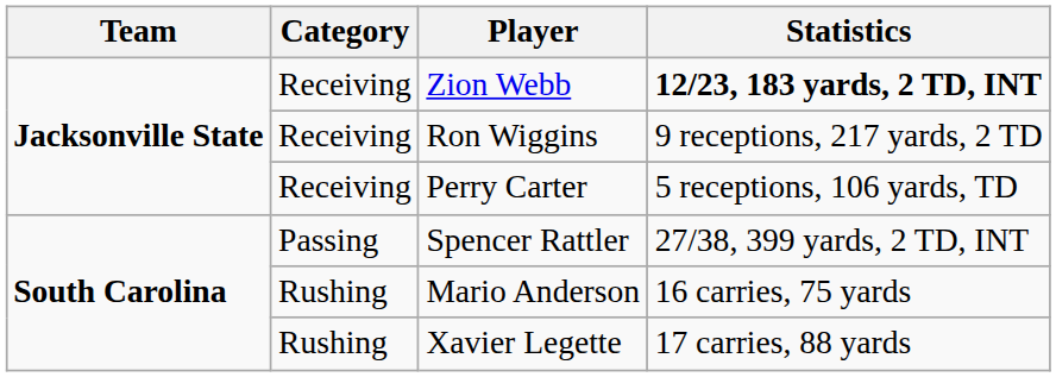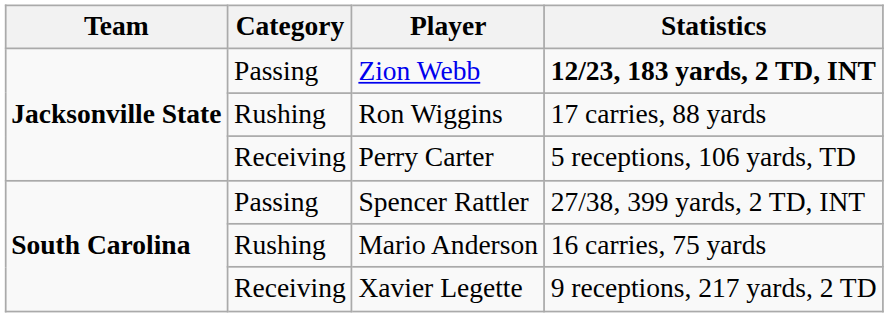 <table class="wikitable" style="float: right;">
 <tr>
 <th>Team</th>
 <th>Category</th>
 <th>Player</th>
 <th>Statistics</th>
 </tr>
 <tr>
 <td rowspan=3><strong>Jacksonville State</strong></td>
-<td>Receiving</td>
+<td>Passing</td>
 <td><a href='#'>Zion Webb</a></td>
 <td><strong>12/23, 183 yards, 2 TD, INT</strong></td>
 </tr>
 <tr>
-<td>Receiving</td>
+<td>Rushing</td>
 <td>Ron Wiggins</td>
-<td>9 receptions, 217 yards, 2 TD</td>
+<td>17 carries, 88 yards</td>
 </tr>
 <tr>
 <td>Receiving</td>
 <td>Perry Carter</td>
 <td>5 receptions, 106 yards, TD</td>
 </tr>
 <tr>
 <td rowspan=3><strong>South Carolina</strong></td>
 <td>Passing</td>
 <td>Spencer Rattler</td>
 <td>27/38, 399 yards, 2 TD, INT</td>
 </tr>
 <tr>
 <td>Rushing</td>
 <td>Mario Anderson</td>
 <td>16 carries, 75 yards</td>
 </tr>
 <tr>
-<td>Rushing</td>
+<td>Receiving</td>
 <td>Xavier Legette</td>
-<td>17 carries, 88 yards</td>
+<td>9 receptions, 217 yards, 2 TD</td>
 </tr>
 </table>
